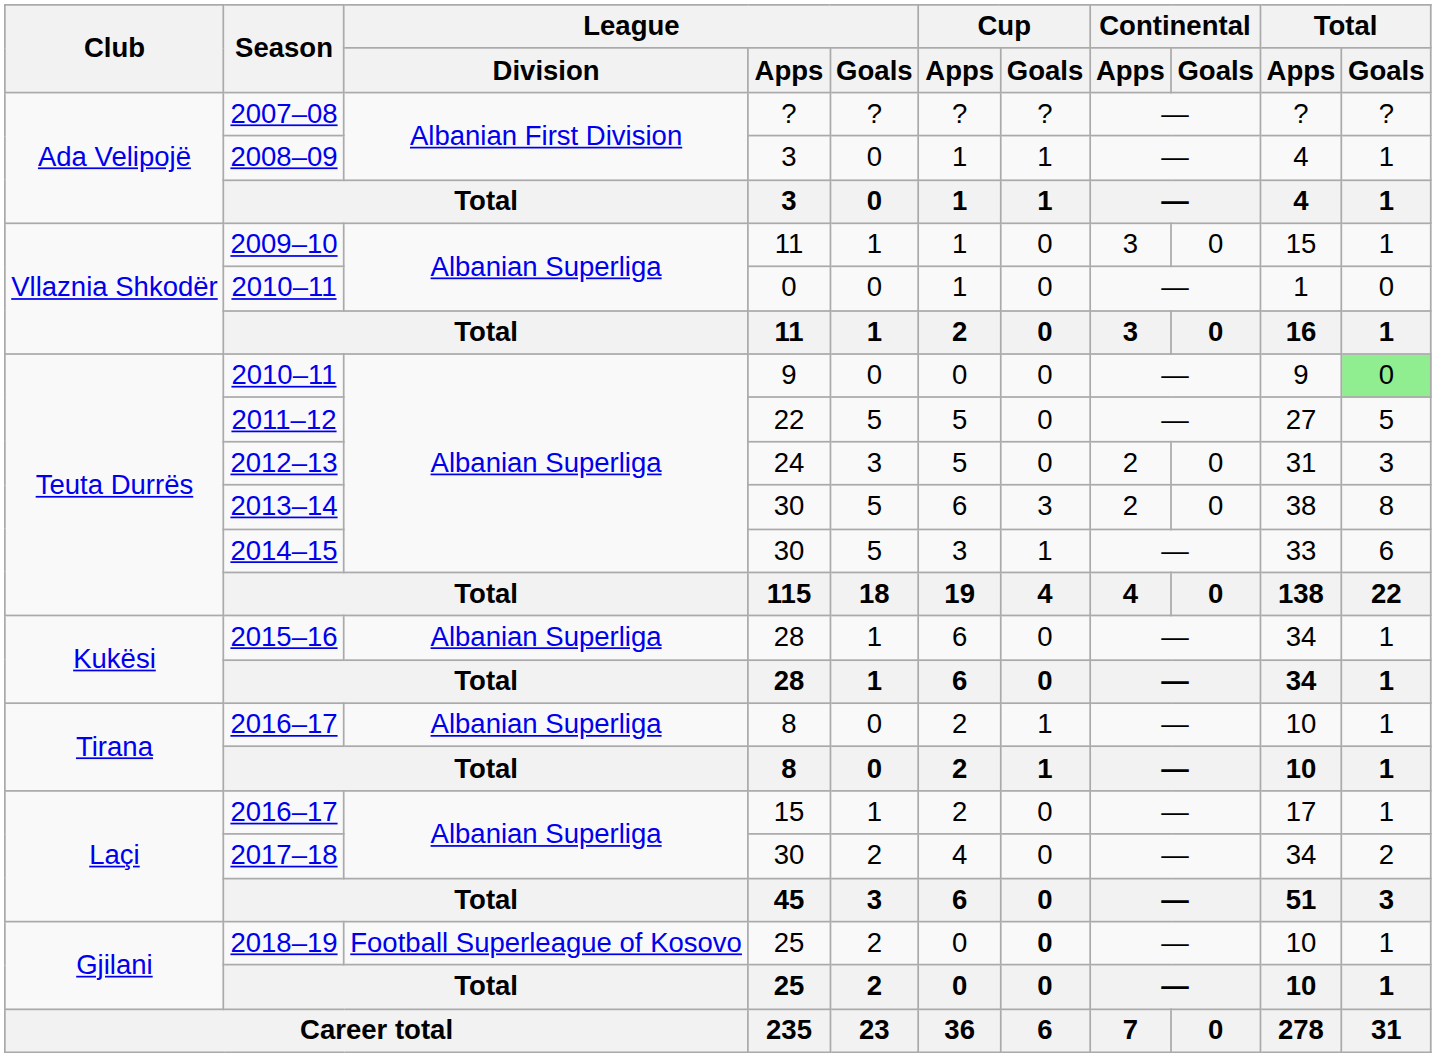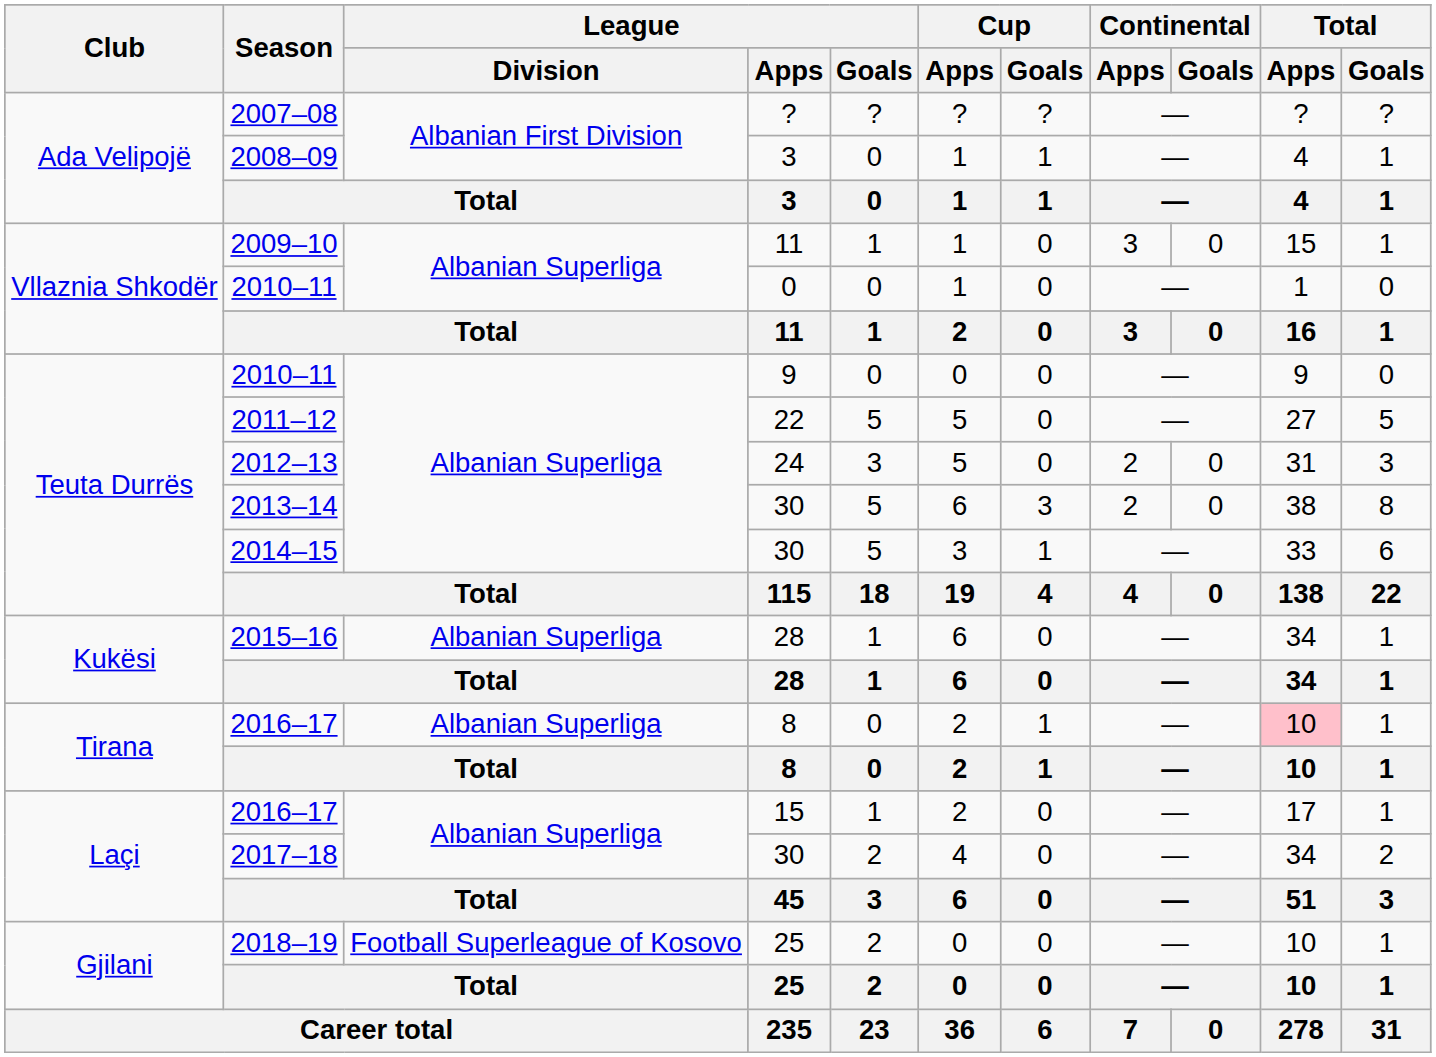 <table class="wikitable" style="text-align: center;">
 <tr>
 <th rowspan="2">Club</th>
 <th rowspan="2">Season</th>
 <th colspan="3">League</th>
 <th colspan="2">Cup</th>
 <th colspan="2">Continental</th>
 <th colspan="2">Total</th>
 </tr>
 <tr>
 <th>Division</th>
 <th>Apps</th>
 <th>Goals</th>
 <th>Apps</th>
 <th>Goals</th>
 <th>Apps</th>
 <th>Goals</th>
 <th>Apps</th>
 <th>Goals</th>
 </tr>
 <tr>
 <td rowspan="3"><a href='#'>Ada Velipojë</a></td>
 <td><a href='#'>2007–08</a></td>
 <td rowspan="2"><a href='#'>Albanian First Division</a></td>
 <td>?</td>
 <td>?</td>
 <td>?</td>
 <td>?</td>
 <td colspan="2">—</td>
 <td>?</td>
 <td>?</td>
 </tr>
 <tr>
 <td><a href='#'>2008–09</a></td>
 <td>3</td>
 <td>0</td>
 <td>1</td>
 <td>1</td>
 <td colspan="2">—</td>
 <td>4</td>
 <td>1</td>
 </tr>
 <tr>
 <th colspan="2">Total</th>
 <th>3</th>
 <th>0</th>
 <th>1</th>
 <th>1</th>
 <th colspan="2">—</th>
 <th>4</th>
 <th>1</th>
 </tr>
 <tr>
 <td rowspan="3"><a href='#'>Vllaznia Shkodër</a></td>
 <td><a href='#'>2009–10</a></td>
 <td rowspan="2"><a href='#'>Albanian Superliga</a></td>
 <td>11</td>
 <td>1</td>
 <td>1</td>
 <td>0</td>
 <td>3</td>
 <td>0</td>
 <td>15</td>
 <td>1</td>
 </tr>
 <tr>
 <td><a href='#'>2010–11</a></td>
 <td>0</td>
 <td>0</td>
 <td>1</td>
 <td>0</td>
 <td colspan="2">—</td>
 <td>1</td>
 <td>0</td>
 </tr>
 <tr>
 <th colspan="2">Total</th>
 <th>11</th>
 <th>1</th>
 <th>2</th>
 <th>0</th>
 <th>3</th>
 <th>0</th>
 <th>16</th>
 <th>1</th>
 </tr>
 <tr>
 <td rowspan="6"><a href='#'>Teuta Durrës</a></td>
 <td><a href='#'>2010–11</a></td>
 <td rowspan="5"><a href='#'>Albanian Superliga</a></td>
 <td>9</td>
 <td>0</td>
 <td>0</td>
 <td>0</td>
 <td colspan="2">—</td>
 <td>9</td>
-<td style="background: lightgreen;">0</td>
+<td>0</td>
 </tr>
 <tr>
 <td><a href='#'>2011–12</a></td>
 <td>22</td>
 <td>5</td>
 <td>5</td>
 <td>0</td>
 <td colspan="2">—</td>
 <td>27</td>
 <td>5</td>
 </tr>
 <tr>
 <td><a href='#'>2012–13</a></td>
 <td>24</td>
 <td>3</td>
 <td>5</td>
 <td>0</td>
 <td>2</td>
 <td>0</td>
 <td>31</td>
 <td>3</td>
 </tr>
 <tr>
 <td><a href='#'>2013–14</a></td>
 <td>30</td>
 <td>5</td>
 <td>6</td>
 <td>3</td>
 <td>2</td>
 <td>0</td>
 <td>38</td>
 <td>8</td>
 </tr>
 <tr>
 <td><a href='#'>2014–15</a></td>
 <td>30</td>
 <td>5</td>
 <td>3</td>
 <td>1</td>
 <td colspan="2">—</td>
 <td>33</td>
 <td>6</td>
 </tr>
 <tr>
 <th colspan="2">Total</th>
 <th>115</th>
 <th>18</th>
 <th>19</th>
 <th>4</th>
 <th>4</th>
 <th>0</th>
 <th>138</th>
 <th>22</th>
 </tr>
 <tr>
 <td rowspan="2"><a href='#'>Kukësi</a></td>
 <td><a href='#'>2015–16</a></td>
 <td rowspan="1"><a href='#'>Albanian Superliga</a></td>
 <td>28</td>
 <td>1</td>
 <td>6</td>
 <td>0</td>
 <td colspan="2">—</td>
 <td>34</td>
 <td>1</td>
 </tr>
 <tr>
 <th colspan="2">Total</th>
 <th>28</th>
 <th>1</th>
 <th>6</th>
 <th>0</th>
 <th colspan="2">—</th>
 <th>34</th>
 <th>1</th>
 </tr>
 <tr>
 <td rowspan="2"><a href='#'>Tirana</a></td>
 <td><a href='#'>2016–17</a></td>
 <td rowspan="1"><a href='#'>Albanian Superliga</a></td>
 <td>8</td>
 <td>0</td>
 <td>2</td>
 <td>1</td>
 <td colspan="2">—</td>
-<td>10</td>
+<td style="background: pink;">10</td>
 <td>1</td>
 </tr>
 <tr>
 <th colspan="2">Total</th>
 <th>8</th>
 <th>0</th>
 <th>2</th>
 <th>1</th>
 <th colspan="2">—</th>
 <th>10</th>
 <th>1</th>
 </tr>
 <tr>
 <td rowspan="3"><a href='#'>Laçi</a></td>
 <td><a href='#'>2016–17</a></td>
 <td rowspan="2"><a href='#'>Albanian Superliga</a></td>
 <td>15</td>
 <td>1</td>
 <td>2</td>
 <td>0</td>
 <td colspan="2">—</td>
 <td>17</td>
 <td>1</td>
 </tr>
 <tr>
 <td><a href='#'>2017–18</a></td>
 <td>30</td>
 <td>2</td>
 <td>4</td>
 <td>0</td>
 <td colspan="2">—</td>
 <td>34</td>
 <td>2</td>
 </tr>
 <tr>
 <th colspan="2">Total</th>
 <th>45</th>
 <th>3</th>
 <th>6</th>
 <th>0</th>
 <th colspan="2">—</th>
 <th>51</th>
 <th>3</th>
 </tr>
 <tr>
 <td rowspan="2"><a href='#'>Gjilani</a></td>
 <td><a href='#'>2018–19</a></td>
 <td rowspan="1"><a href='#'>Football Superleague of Kosovo</a></td>
 <td>25</td>
 <td>2</td>
 <td>0</td>
-<td><strong>0</strong></td>
+<td>0</td>
 <td colspan="2">—</td>
 <td>10</td>
 <td>1</td>
 </tr>
 <tr>
 <th colspan="2">Total</th>
 <th>25</th>
 <th>2</th>
 <th>0</th>
 <th>0</th>
 <th colspan="2">—</th>
 <th>10</th>
 <th>1</th>
 </tr>
 <tr>
 <th colspan="3">Career total</th>
 <th>235</th>
 <th>23</th>
 <th>36</th>
 <th>6</th>
 <th>7</th>
 <th>0</th>
 <th>278</th>
 <th>31</th>
 </tr>
 </table>
